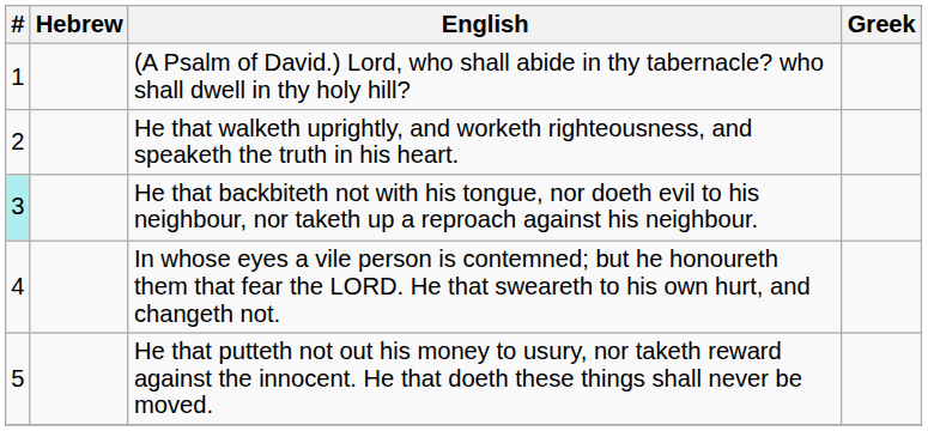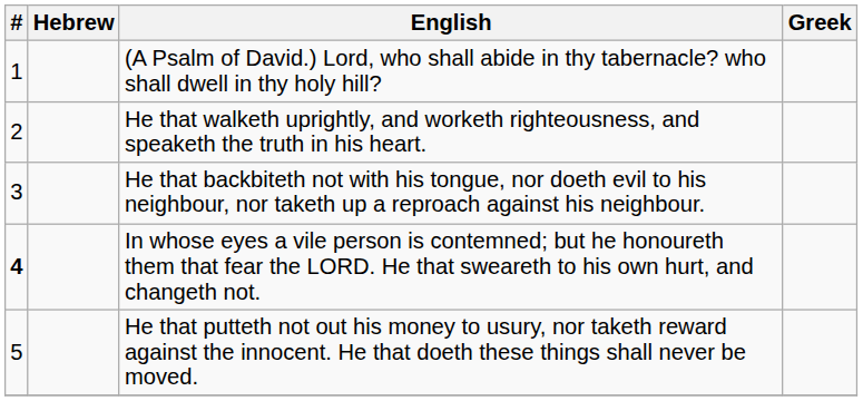 <table class=wikitable>
 <tr>
 <th>#</th>
 <th>Hebrew</th>
 <th>English</th>
 <th>Greek</th>
 </tr>
 <tr>
 <td style="text-align:right">1</td>
 <td style="text-align:right"></td>
 <td>(A Psalm of David.) Lord, who shall abide in thy tabernacle? who shall dwell in thy holy hill?</td>
 <td></td>
 </tr>
 <tr>
 <td style="text-align:right">2</td>
 <td style="text-align:right"></td>
 <td>He that walketh uprightly, and worketh righteousness, and speaketh the truth in his heart.</td>
 <td></td>
 </tr>
 <tr>
-<td style="background: paleturquoise; text-align:right">3</td>
+<td style="text-align:right">3</td>
 <td style="text-align:right"></td>
 <td>He that backbiteth not with his tongue, nor doeth evil to his neighbour, nor taketh up a reproach against his neighbour.</td>
 <td></td>
 </tr>
 <tr>
-<td style="text-align:right">4</td>
+<td style="text-align:right"><strong>4</strong></td>
 <td style="text-align:right"></td>
 <td>In whose eyes a vile person is contemned; but he honoureth them that fear the LORD. He that sweareth to his own hurt, and changeth not.</td>
 <td></td>
 </tr>
 <tr>
 <td style="text-align:right">5</td>
 <td style="text-align:right"></td>
 <td>He that putteth not out his money to usury, nor taketh reward against the innocent. He that doeth these things shall never be moved.</td>
 <td></td>
 </tr>
 <tr>
 </tr>
 </table>
